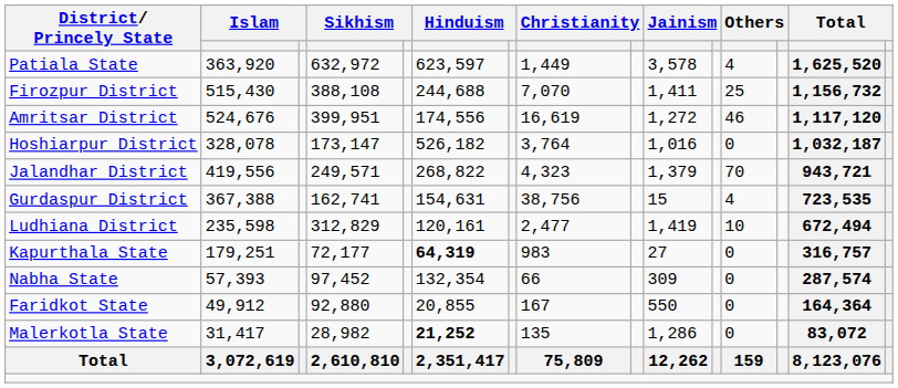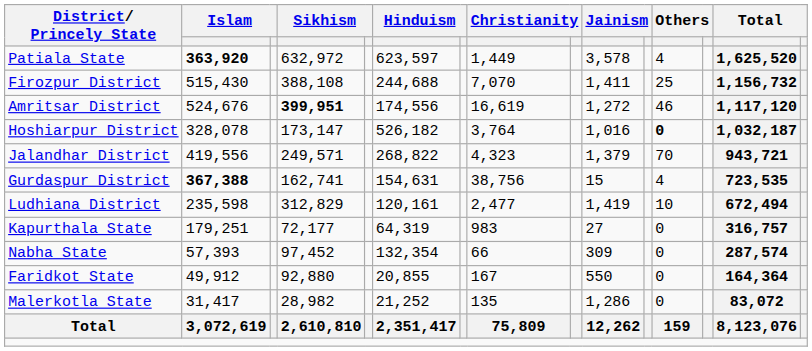 <table class="wikitable sortable mw-collapsible">
 <tr>
 <th rowspan="2"><a href='#'>District</a>/<br><a href='#'>Princely State</a></th>
 <th colspan="2"><a href='#'>Islam</a> </th>
 <th colspan="2"><a href='#'>Sikhism</a> </th>
 <th colspan="2"><a href='#'>Hinduism</a> </th>
 <th colspan="2"><a href='#'>Christianity</a> </th>
 <th colspan="2"><a href='#'>Jainism</a> </th>
 <th colspan="2">Others</th>
 <th colspan="2">Total</th>
 </tr>
 <tr>
 <th><a href='#'></a></th>
 <th></th>
 <th></th>
 <th></th>
 <th></th>
 <th></th>
 <th></th>
 <th></th>
 <th></th>
 <th></th>
 <th></th>
 <th></th>
 <th></th>
 <th></th>
 </tr>
 <tr>
 <td><a href='#'>Patiala State</a></td>
-<td>363,920</td>
+<td><strong>363,920</strong></td>
 <td></td>
 <td>632,972</td>
 <td></td>
 <td>623,597</td>
 <td></td>
 <td>1,449</td>
 <td></td>
 <td>3,578</td>
 <td></td>
 <td>4</td>
 <td></td>
 <th>1,625,520</th>
 <th></th>
 </tr>
 <tr>
 <td><a href='#'>Firozpur District</a></td>
 <td>515,430</td>
 <td></td>
 <td>388,108</td>
 <td></td>
 <td>244,688</td>
 <td></td>
 <td>7,070</td>
 <td></td>
 <td>1,411</td>
 <td></td>
 <td>25</td>
 <td></td>
 <th>1,156,732</th>
 <th></th>
 </tr>
 <tr>
 <td><a href='#'>Amritsar District</a></td>
 <td>524,676</td>
 <td></td>
-<td>399,951</td>
+<td><strong>399,951</strong></td>
 <td></td>
 <td>174,556</td>
 <td></td>
 <td>16,619</td>
 <td></td>
 <td>1,272</td>
 <td></td>
 <td>46</td>
 <td></td>
 <th>1,117,120</th>
 <th></th>
 </tr>
 <tr>
 <td><a href='#'>Hoshiarpur District</a></td>
 <td>328,078</td>
 <td></td>
 <td>173,147</td>
 <td></td>
 <td>526,182</td>
 <td></td>
 <td>3,764</td>
 <td></td>
 <td>1,016</td>
 <td></td>
-<td>0</td>
+<td><strong>0</strong></td>
 <td></td>
 <th>1,032,187</th>
 <th></th>
 </tr>
 <tr>
 <td><a href='#'>Jalandhar District</a></td>
 <td>419,556</td>
 <td></td>
 <td>249,571</td>
 <td></td>
 <td>268,822</td>
 <td></td>
 <td>4,323</td>
 <td></td>
 <td>1,379</td>
 <td></td>
 <td>70</td>
 <td></td>
 <th>943,721</th>
 <th></th>
 </tr>
 <tr>
 <td><a href='#'>Gurdaspur District</a></td>
-<td>367,388</td>
+<td><strong>367,388</strong></td>
 <td></td>
 <td>162,741</td>
 <td></td>
 <td>154,631</td>
 <td></td>
 <td>38,756</td>
 <td></td>
 <td>15</td>
 <td></td>
 <td>4</td>
 <td></td>
 <th>723,535</th>
 <th></th>
 </tr>
 <tr>
 <td><a href='#'>Ludhiana District</a></td>
 <td>235,598</td>
 <td></td>
 <td>312,829</td>
 <td></td>
 <td>120,161</td>
 <td></td>
 <td>2,477</td>
 <td></td>
 <td>1,419</td>
 <td></td>
 <td>10</td>
 <td></td>
 <th>672,494</th>
 <th></th>
 </tr>
 <tr>
 <td><a href='#'>Kapurthala State</a></td>
 <td>179,251</td>
 <td></td>
 <td>72,177</td>
 <td></td>
-<td><strong>64,319</strong></td>
+<td>64,319</td>
 <td></td>
 <td>983</td>
 <td></td>
 <td>27</td>
 <td></td>
 <td>0</td>
 <td></td>
 <th>316,757</th>
 <th></th>
 </tr>
 <tr>
 <td><a href='#'>Nabha State</a></td>
 <td>57,393</td>
 <td></td>
 <td>97,452</td>
 <td></td>
 <td>132,354</td>
 <td></td>
 <td>66</td>
 <td></td>
 <td>309</td>
 <td></td>
 <td>0</td>
 <td></td>
 <th>287,574</th>
 <th></th>
 </tr>
 <tr>
 <td><a href='#'>Faridkot State</a></td>
 <td>49,912</td>
 <td></td>
 <td>92,880</td>
 <td></td>
 <td>20,855</td>
 <td></td>
 <td>167</td>
 <td></td>
 <td>550</td>
 <td></td>
 <td>0</td>
 <td></td>
 <th>164,364</th>
 <th></th>
 </tr>
 <tr>
 <td><a href='#'>Malerkotla State</a></td>
 <td>31,417</td>
 <td></td>
 <td>28,982</td>
 <td></td>
-<td><strong>21,252</strong></td>
+<td>21,252</td>
 <td></td>
 <td>135</td>
 <td></td>
 <td>1,286</td>
 <td></td>
 <td>0</td>
 <td></td>
 <th>83,072</th>
 <th></th>
 </tr>
 <tr>
 <th>Total</th>
 <th>3,072,619</th>
 <th></th>
 <th>2,610,810</th>
 <th></th>
 <th>2,351,417</th>
 <th></th>
 <th>75,809</th>
 <th></th>
 <th>12,262</th>
 <th></th>
 <th>159</th>
 <th></th>
 <th>8,123,076</th>
 <th></th>
 </tr>
 <tr class="sortbottom">
 <td colspan="15"></td>
 </tr>
 </table>
